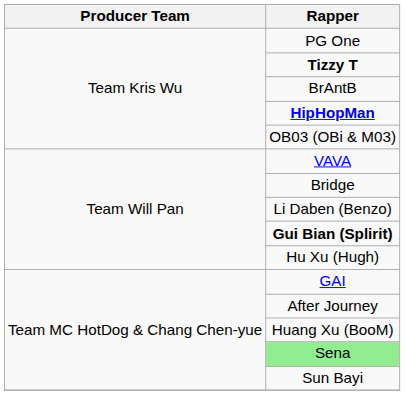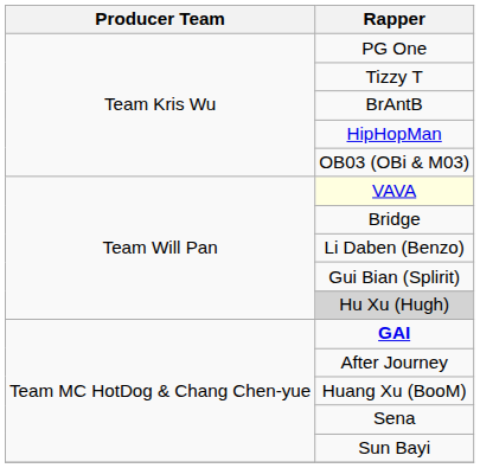 <table class="wikitable" style="text-align:center" border="2">
 <tr>
 <th>Producer Team</th>
 <th>Rapper</th>
 </tr>
 <tr>
 <td rowspan="5">Team Kris Wu</td>
 <td>PG One</td>
 </tr>
 <tr>
-<td><strong>Tizzy T</strong></td>
+<td>Tizzy T</td>
 </tr>
 <tr>
 <td>BrAntB</td>
 </tr>
 <tr>
-<td><strong><a href='#'>HipHopMan</a></strong></td>
+<td><a href='#'>HipHopMan</a></td>
 </tr>
 <tr>
 <td>OB03 (OBi & M03)</td>
 </tr>
 <tr>
 <td rowspan="5">Team Will Pan</td>
-<td><a href='#'>VAVA</a></td>
+<td style="background: lightyellow;"><a href='#'>VAVA</a></td>
 </tr>
 <tr>
 <td>Bridge</td>
 </tr>
 <tr>
 <td>Li Daben (Benzo)</td>
 </tr>
 <tr>
-<td><strong>Gui Bian (Splirit)</strong></td>
+<td>Gui Bian (Splirit)</td>
 </tr>
 <tr>
-<td>Hu Xu (Hugh)</td>
+<td style="background: lightgrey;">Hu Xu (Hugh)</td>
 </tr>
 <tr>
 <td rowspan="5">Team MC HotDog & Chang Chen-yue</td>
-<td><a href='#'>GAI</a></td>
+<td><strong><a href='#'>GAI</a></strong></td>
 </tr>
 <tr>
 <td>After Journey</td>
 </tr>
 <tr>
 <td>Huang Xu (BooM)</td>
 </tr>
 <tr>
-<td style="background: lightgreen;">Sena</td>
+<td>Sena</td>
 </tr>
 <tr>
 <td>Sun Bayi</td>
 </tr>
 <tr>
 </tr>
 </table>
